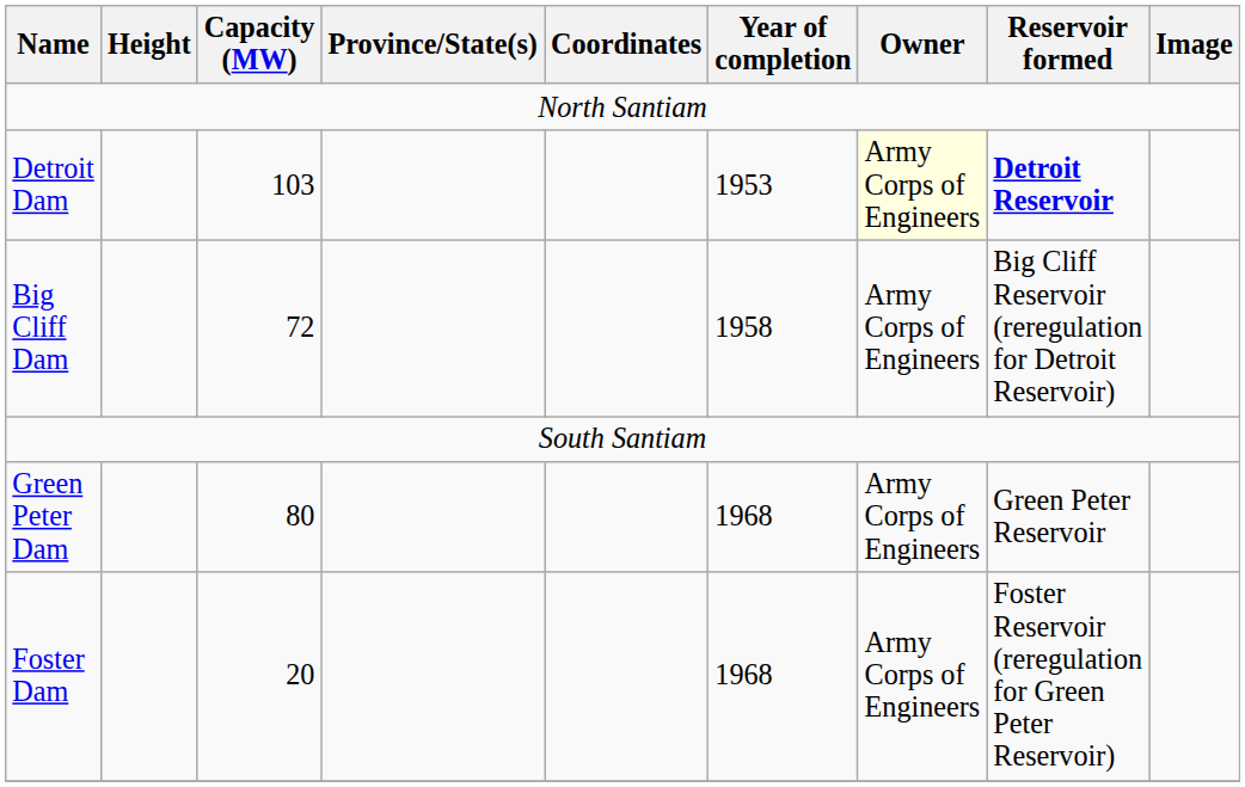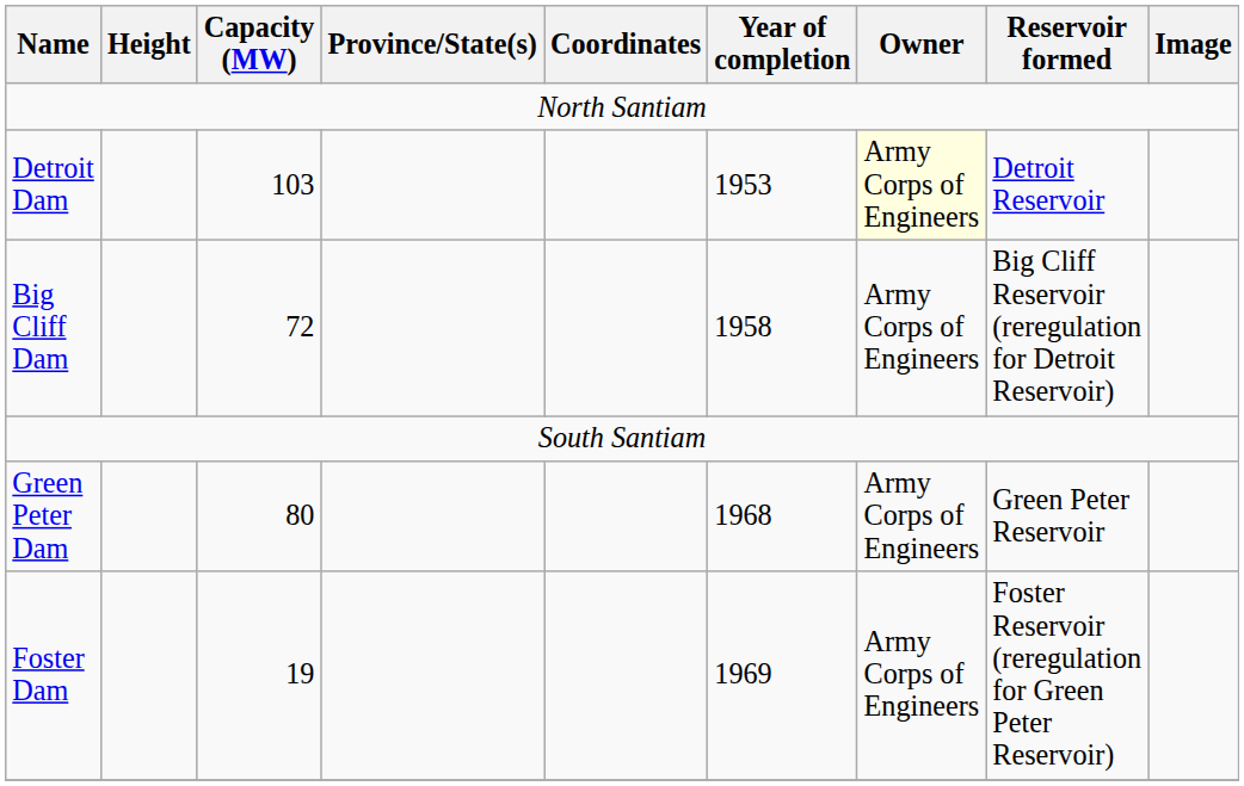 <table class="wikitable sortable" border="1">
 <tr>
 <th width="10%">Name</th>
 <th width="8%">Height</th>
 <th width="8%">Capacity (<a href='#'>MW</a>)</th>
 <th width="15%">Province/State(s)</th>
 <th width="16%">Coordinates</th>
 <th width="10%">Year of completion</th>
 <th width="12%">Owner</th>
 <th width="10%">Reservoir formed</th>
 <th>Image</th>
 </tr>
 <tr>
 <td colspan="9" style="text-align:center;"><em>North Santiam</em></td>
 </tr>
 <tr>
 <td><a href='#'>Detroit Dam</a></td>
 <td></td>
 <td align="right">103</td>
 <td></td>
 <td></td>
 <td>1953</td>
 <td style="background: lightyellow;">Army Corps of Engineers</td>
-<td><strong><a href='#'>Detroit Reservoir</a></strong></td>
+<td><a href='#'>Detroit Reservoir</a></td>
 <td></td>
 </tr>
 <tr>
 <td><a href='#'>Big Cliff Dam</a></td>
 <td></td>
 <td align="right">72</td>
 <td></td>
 <td></td>
 <td>1958</td>
 <td>Army Corps of Engineers</td>
 <td>Big Cliff Reservoir (reregulation for Detroit Reservoir)</td>
 <td></td>
 </tr>
 <tr>
 <td colspan="9" style="text-align:center;"><em>South Santiam</em></td>
 </tr>
 <tr>
 <td><a href='#'>Green Peter Dam</a></td>
 <td></td>
 <td align="right">80</td>
 <td></td>
 <td></td>
 <td>1968</td>
 <td>Army Corps of Engineers</td>
 <td>Green Peter Reservoir</td>
 <td><br></td>
 </tr>
 <tr>
 <td><a href='#'>Foster Dam</a></td>
 <td></td>
-<td align="right">20</td>
+<td align="right">19</td>
 <td></td>
 <td></td>
-<td>1968</td>
+<td>1969</td>
 <td>Army Corps of Engineers</td>
 <td>Foster Reservoir (reregulation for Green Peter Reservoir)</td>
 <td></td>
 </tr>
 <tr>
 </tr>
 </table>
